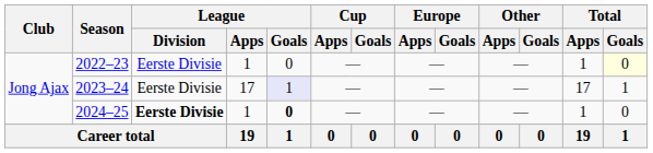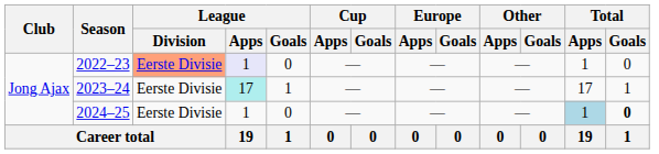 <table class="wikitable" style="text-align: center">
 <tr>
 <th rowspan=2>Club</th>
 <th rowspan=2>Season</th>
 <th colspan=3>League</th>
 <th colspan=2>Cup</th>
 <th colspan=2>Europe</th>
 <th colspan=2>Other</th>
 <th colspan=2>Total</th>
 </tr>
 <tr>
 <th>Division</th>
 <th>Apps</th>
 <th>Goals</th>
 <th>Apps</th>
 <th>Goals</th>
 <th>Apps</th>
 <th>Goals</th>
 <th>Apps</th>
 <th>Goals</th>
 <th>Apps</th>
 <th>Goals</th>
 </tr>
 <tr>
 <td rowspan="3"><a href='#'>Jong Ajax</a></td>
 <td><a href='#'>2022–23</a></td>
-<td><a href='#'>Eerste Divisie</a></td>
-<td>1</td>
+<td style="background: lightsalmon;"><a href='#'>Eerste Divisie</a></td>
+<td style="background: lavender;">1</td>
 <td>0</td>
 <td colspan="2">—</td>
 <td colspan="2">—</td>
 <td colspan="2">—</td>
 <td>1</td>
-<td style="background: lightyellow;">0</td>
+<td>0</td>
 </tr>
 <tr>
 <td><a href='#'>2023–24</a></td>
 <td>Eerste Divisie</td>
-<td>17</td>
-<td style="background: lavender;">1</td>
+<td style="background: paleturquoise;">17</td>
+<td>1</td>
 <td colspan="2">—</td>
 <td colspan="2">—</td>
 <td colspan="2">—</td>
 <td>17</td>
 <td>1</td>
 </tr>
 <tr>
 <td><a href='#'>2024–25</a></td>
-<td><strong>Eerste Divisie</strong></td>
+<td>Eerste Divisie</td>
 <td>1</td>
-<td><strong>0</strong></td>
+<td>0</td>
 <td colspan="2">—</td>
 <td colspan="2">—</td>
 <td colspan="2">—</td>
-<td>1</td>
-<td>0</td>
+<td style="background: lightblue;">1</td>
+<td><strong>0</strong></td>
 </tr>
 <tr>
 <th colspan="3">Career total</th>
 <th>19</th>
 <th>1</th>
 <th>0</th>
 <th>0</th>
 <th>0</th>
 <th>0</th>
 <th>0</th>
 <th>0</th>
 <th>19</th>
 <th>1</th>
 </tr>
 </table>
